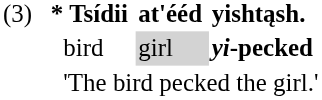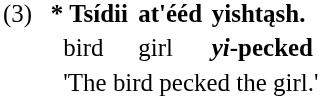 <table cellspacing="0" cellpadding="2" style="margin-left:2em">
 <tr>
 <td>(3)  </td>
 <td><strong>* Tsídii</strong></td>
 <td><strong>at'ééd</strong></td>
 <td><strong>yishtąsh.</strong></td>
 </tr>
 <tr>
 <td></td>
 <td>  bird</td>
-<td style="background: lightgrey;">girl</td>
+<td>girl</td>
 <td><strong><em>yi</em>-pecked</strong></td>
 </tr>
 <tr>
 <td></td>
 <td COLSPAN=3>  'The bird pecked the girl.'</td>
 </tr>
 </table>
